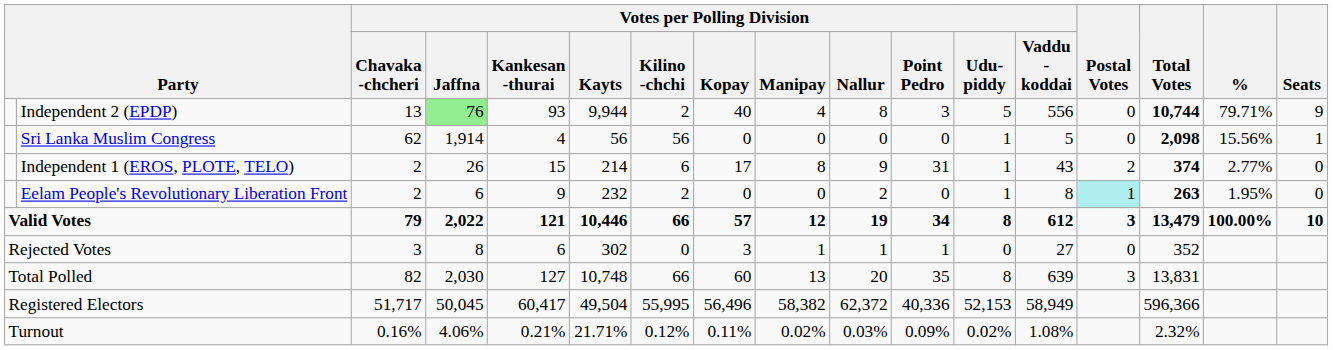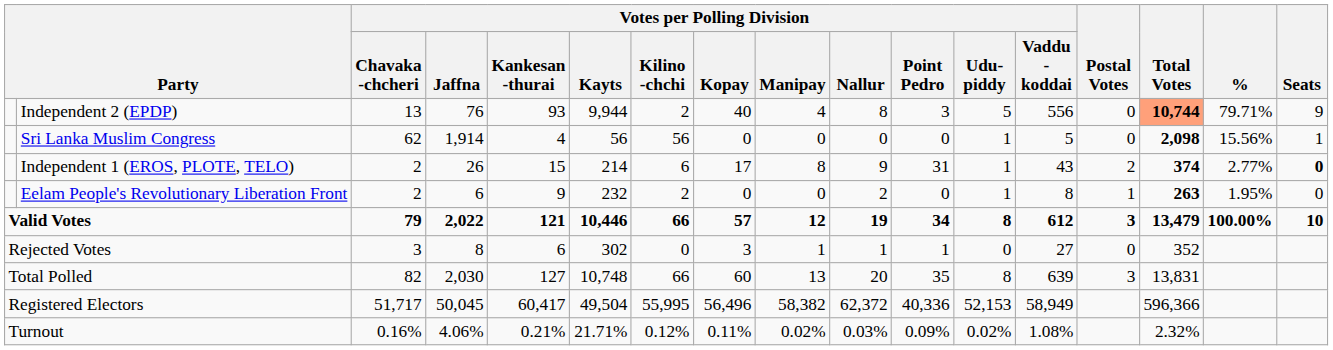 <table class="wikitable" border="1" style="text-align:right;">
 <tr>
 <th align=left valign=bottom rowspan=2 colspan=2>Party</th>
 <th colspan=11>Votes per Polling Division</th>
 <th align=center valign=bottom rowspan=2 width="50">Postal<br>Votes</th>
 <th align=center valign=bottom rowspan=2 width="50">Total Votes</th>
 <th align=center valign=bottom rowspan=2 width="50">%</th>
 <th align=center valign=bottom rowspan=2 width="40">Seats</th>
 </tr>
 <tr>
 <th align=center valign=bottom width="50">Chavaka<br>-chcheri</th>
 <th align=center valign=bottom width="50">Jaffna</th>
 <th align=center valign=bottom width="50">Kankesan<br>-thurai</th>
 <th align=center valign=bottom width="50">Kayts</th>
 <th align=center valign=bottom width="50">Kilino<br>-chchi</th>
 <th align=center valign=bottom width="50">Kopay</th>
 <th align=center valign=bottom width="50">Manipay</th>
 <th align=center valign=bottom width="50">Nallur</th>
 <th align=center valign=bottom width="50">Point<br>Pedro</th>
 <th align=center valign=bottom width="50">Udu-<br>piddy</th>
 <th align=center valign=bottom width="50">Vaddu<br>-koddai</th>
 </tr>
 <tr>
 <td bgcolor=> </td>
 <td align=left>Independent 2 (<a href='#'>EPDP</a>)</td>
 <td>13</td>
-<td style="background: lightgreen;">76</td>
+<td>76</td>
 <td>93</td>
 <td>9,944</td>
 <td>2</td>
 <td>40</td>
 <td>4</td>
 <td>8</td>
 <td>3</td>
 <td>5</td>
 <td>556</td>
 <td>0</td>
-<td><strong>10,744</strong></td>
+<td style="background: lightsalmon;"><strong>10,744</strong></td>
 <td>79.71%</td>
 <td>9</td>
 </tr>
 <tr>
 <td bgcolor=> </td>
 <td align=left><a href='#'>Sri Lanka Muslim Congress</a></td>
 <td>62</td>
 <td>1,914</td>
 <td>4</td>
 <td>56</td>
 <td>56</td>
 <td>0</td>
 <td>0</td>
 <td>0</td>
 <td>0</td>
 <td>1</td>
 <td>5</td>
 <td>0</td>
 <td><strong>2,098</strong></td>
 <td>15.56%</td>
 <td>1</td>
 </tr>
 <tr>
 <td></td>
 <td align=left>Independent 1 (<a href='#'>EROS</a>, <a href='#'>PLOTE</a>, <a href='#'>TELO</a>)</td>
 <td>2</td>
 <td>26</td>
 <td>15</td>
 <td>214</td>
 <td>6</td>
 <td>17</td>
 <td>8</td>
 <td>9</td>
 <td>31</td>
 <td>1</td>
 <td>43</td>
 <td>2</td>
 <td><strong>374</strong></td>
 <td>2.77%</td>
-<td>0</td>
+<td><strong>0</strong></td>
 </tr>
 <tr>
 <td bgcolor=> </td>
 <td align=left><a href='#'>Eelam People's Revolutionary Liberation Front</a></td>
 <td>2</td>
 <td>6</td>
 <td>9</td>
 <td>232</td>
 <td>2</td>
 <td>0</td>
 <td>0</td>
 <td>2</td>
 <td>0</td>
 <td>1</td>
 <td>8</td>
-<td style="background: paleturquoise;">1</td>
+<td>1</td>
 <td><strong>263</strong></td>
 <td>1.95%</td>
 <td>0</td>
 </tr>
 <tr>
 <td align=left colspan=2><strong>Valid Votes</strong></td>
 <td><strong>79</strong></td>
 <td><strong>2,022</strong></td>
 <td><strong>121</strong></td>
 <td><strong>10,446</strong></td>
 <td><strong>66</strong></td>
 <td><strong>57</strong></td>
 <td><strong>12</strong></td>
 <td><strong>19</strong></td>
 <td><strong>34</strong></td>
 <td><strong>8</strong></td>
 <td><strong>612</strong></td>
 <td><strong>3</strong></td>
 <td><strong>13,479</strong></td>
 <td><strong>100.00%</strong></td>
 <td><strong>10</strong></td>
 </tr>
 <tr>
 <td align=left colspan=2>Rejected Votes</td>
 <td>3</td>
 <td>8</td>
 <td>6</td>
 <td>302</td>
 <td>0</td>
 <td>3</td>
 <td>1</td>
 <td>1</td>
 <td>1</td>
 <td>0</td>
 <td>27</td>
 <td>0</td>
 <td>352</td>
 <td></td>
 <td></td>
 </tr>
 <tr>
 <td align=left colspan=2>Total Polled</td>
 <td>82</td>
 <td>2,030</td>
 <td>127</td>
 <td>10,748</td>
 <td>66</td>
 <td>60</td>
 <td>13</td>
 <td>20</td>
 <td>35</td>
 <td>8</td>
 <td>639</td>
 <td>3</td>
 <td>13,831</td>
 <td></td>
 <td></td>
 </tr>
 <tr>
 <td align=left colspan=2>Registered Electors</td>
 <td>51,717</td>
 <td>50,045</td>
 <td>60,417</td>
 <td>49,504</td>
 <td>55,995</td>
 <td>56,496</td>
 <td>58,382</td>
 <td>62,372</td>
 <td>40,336</td>
 <td>52,153</td>
 <td>58,949</td>
 <td></td>
 <td>596,366</td>
 <td></td>
 <td></td>
 </tr>
 <tr>
 <td align=left colspan=2>Turnout</td>
 <td>0.16%</td>
 <td>4.06%</td>
 <td>0.21%</td>
 <td>21.71%</td>
 <td>0.12%</td>
 <td>0.11%</td>
 <td>0.02%</td>
 <td>0.03%</td>
 <td>0.09%</td>
 <td>0.02%</td>
 <td>1.08%</td>
 <td></td>
 <td>2.32%</td>
 <td></td>
 <td></td>
 </tr>
 </table>
